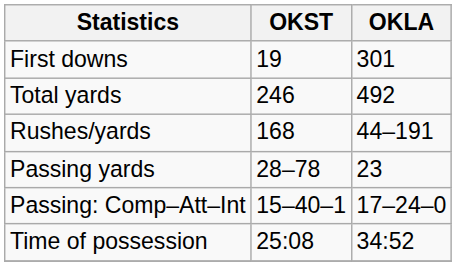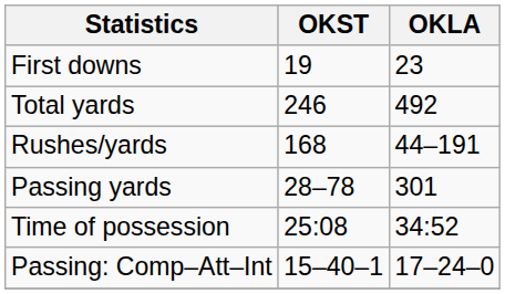 <table class="wikitable" style="float: left;">
 <tr>
 <th>Statistics</th>
 <th>OKST</th>
 <th>OKLA</th>
 </tr>
 <tr>
 <td>First downs</td>
 <td>19</td>
-<td>301</td>
+<td>23</td>
 </tr>
 <tr>
 <td>Total yards</td>
 <td>246</td>
 <td>492</td>
 </tr>
 <tr>
 <td>Rushes/yards</td>
 <td>168</td>
 <td>44–191</td>
 </tr>
 <tr>
 <td>Passing yards</td>
 <td>28–78</td>
-<td>23</td>
+<td>301</td>
+</tr>
+<tr>
+<td>Time of possession</td>
+<td>25:08</td>
+<td>34:52</td>
 </tr>
 <tr>
 <td>Passing: Comp–Att–Int</td>
 <td>15–40–1</td>
 <td>17–24–0</td>
 </tr>
 <tr>
-<td>Time of possession</td>
-<td>25:08</td>
-<td>34:52</td>
-</tr>
-<tr>
 </tr>
 </table>
